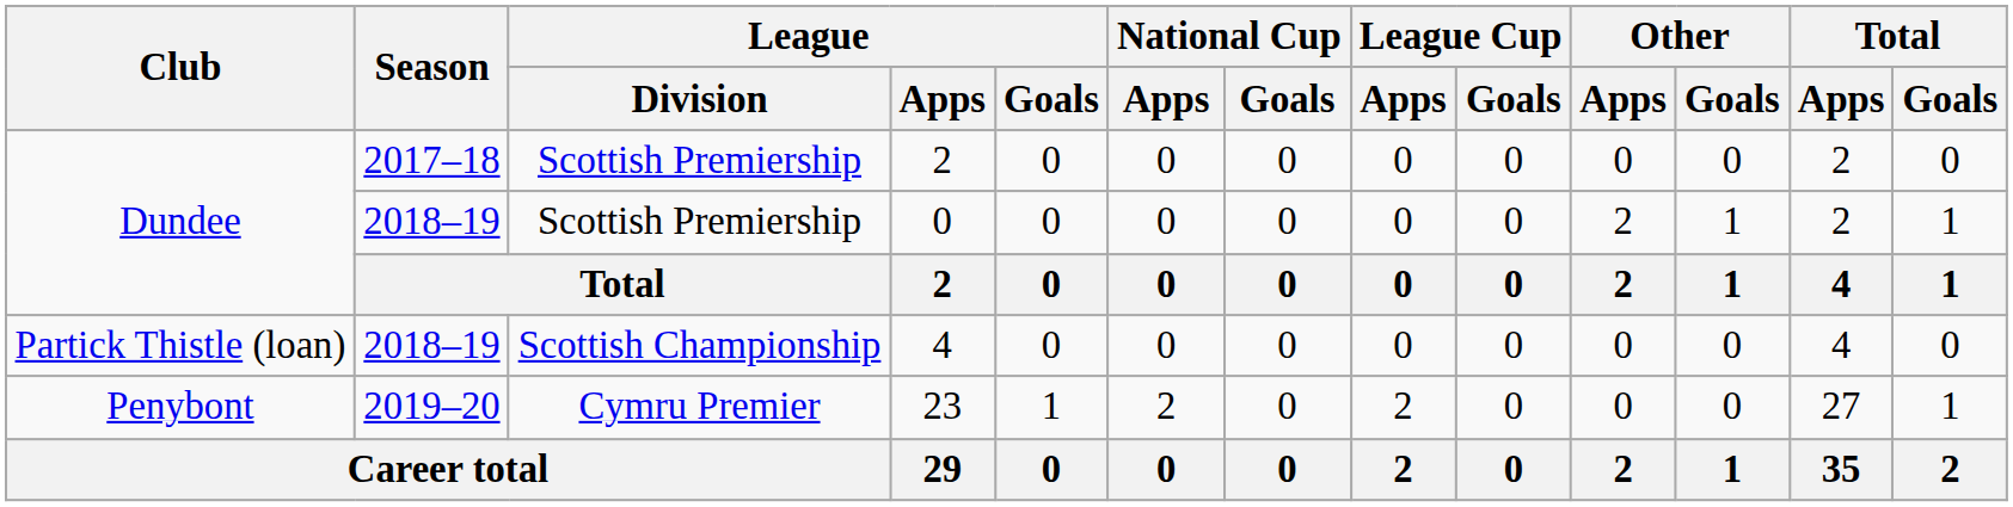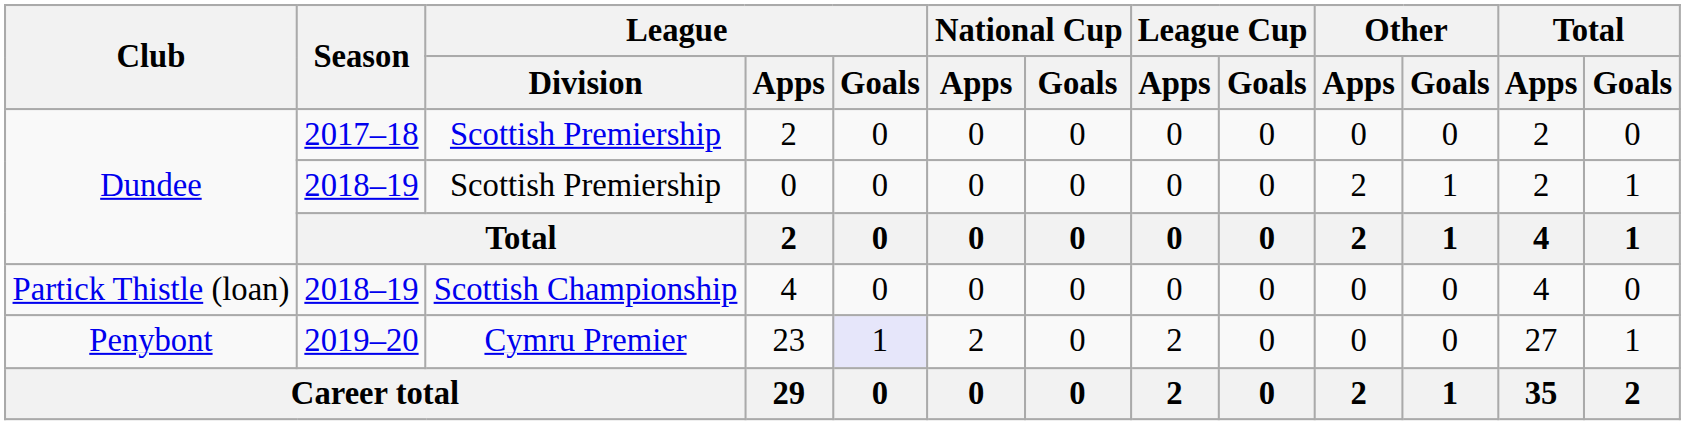 <table class=wikitable style="text-align: center">
 <tr>
 <th rowspan=2>Club</th>
 <th rowspan=2>Season</th>
 <th colspan=3>League</th>
 <th colspan=2>National Cup</th>
 <th colspan=2>League Cup</th>
 <th colspan=2>Other</th>
 <th colspan=2>Total</th>
 </tr>
 <tr>
 <th>Division</th>
 <th>Apps</th>
 <th>Goals</th>
 <th>Apps</th>
 <th>Goals</th>
 <th>Apps</th>
 <th>Goals</th>
 <th>Apps</th>
 <th>Goals</th>
 <th>Apps</th>
 <th>Goals</th>
 </tr>
 <tr>
 <td rowspan=3><a href='#'>Dundee</a></td>
 <td><a href='#'>2017–18</a></td>
 <td><a href='#'>Scottish Premiership</a></td>
 <td>2</td>
 <td>0</td>
 <td>0</td>
 <td>0</td>
 <td>0</td>
 <td>0</td>
 <td>0</td>
 <td>0</td>
 <td>2</td>
 <td>0</td>
 </tr>
 <tr>
 <td><a href='#'>2018–19</a></td>
 <td>Scottish Premiership</td>
 <td>0</td>
 <td>0</td>
 <td>0</td>
 <td>0</td>
 <td>0</td>
 <td>0</td>
 <td>2</td>
 <td>1</td>
 <td>2</td>
 <td>1</td>
 </tr>
 <tr>
 <th colspan=2>Total</th>
 <th>2</th>
 <th>0</th>
 <th>0</th>
 <th>0</th>
 <th>0</th>
 <th>0</th>
 <th>2</th>
 <th>1</th>
 <th>4</th>
 <th>1</th>
 </tr>
 <tr>
 <td><a href='#'>Partick Thistle</a> (loan)</td>
 <td><a href='#'>2018–19</a></td>
 <td><a href='#'>Scottish Championship</a></td>
 <td>4</td>
 <td>0</td>
 <td>0</td>
 <td>0</td>
 <td>0</td>
 <td>0</td>
 <td>0</td>
 <td>0</td>
 <td>4</td>
 <td>0</td>
 </tr>
 <tr>
 <td><a href='#'>Penybont</a></td>
 <td><a href='#'>2019–20</a></td>
 <td><a href='#'>Cymru Premier</a></td>
 <td>23</td>
-<td>1</td>
+<td style="background: lavender;">1</td>
 <td>2</td>
 <td>0</td>
 <td>2</td>
 <td>0</td>
 <td>0</td>
 <td>0</td>
 <td>27</td>
 <td>1</td>
 </tr>
 <tr>
 <th colspan="3">Career total</th>
 <th>29</th>
 <th>0</th>
 <th>0</th>
 <th>0</th>
 <th>2</th>
 <th>0</th>
 <th>2</th>
 <th>1</th>
 <th>35</th>
 <th>2</th>
 </tr>
 </table>
